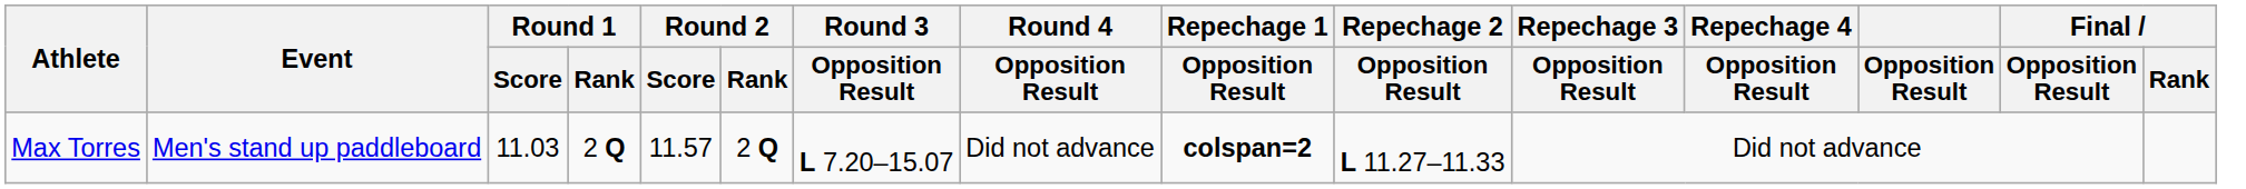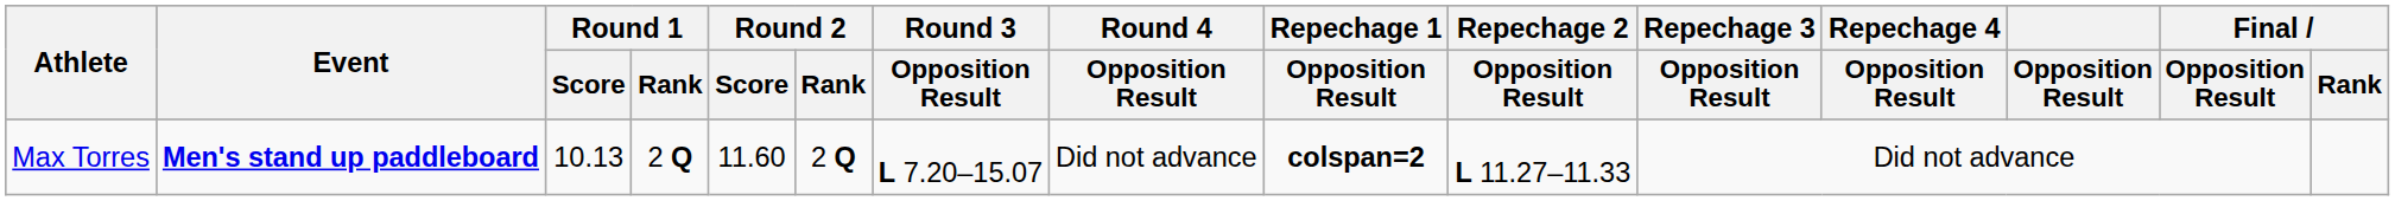 <table class=wikitable style=font-size:90%>
 <tr>
 <th rowspan=2>Athlete</th>
 <th rowspan=2>Event</th>
 <th colspan=2>Round 1</th>
 <th colspan=2>Round 2</th>
 <th>Round 3</th>
 <th>Round 4</th>
 <th>Repechage 1</th>
 <th>Repechage 2</th>
 <th>Repechage 3</th>
 <th>Repechage 4</th>
 <th></th>
 <th colspan=2>Final / </th>
 </tr>
 <tr style=font-size:95%>
 <th>Score</th>
 <th>Rank</th>
 <th>Score</th>
 <th>Rank</th>
 <th>Opposition<br>Result</th>
 <th>Opposition<br>Result</th>
 <th>Opposition<br>Result</th>
 <th>Opposition<br>Result</th>
 <th>Opposition<br>Result</th>
 <th>Opposition<br>Result</th>
 <th>Opposition<br>Result</th>
 <th>Opposition<br>Result</th>
 <th>Rank</th>
 </tr>
 <tr align=center>
 <td align=left><a href='#'>Max Torres</a></td>
-<td align=left><a href='#'>Men's stand up paddleboard</a></td>
-<td>11.03</td>
+<td align=left><strong><a href='#'>Men's stand up paddleboard</a></strong></td>
+<td>10.13</td>
 <td>2 <strong>Q</strong></td>
-<td>11.57</td>
+<td>11.60</td>
 <td>2 <strong>Q</strong></td>
 <td><br><strong>L</strong> 7.20–15.07</td>
 <td>Did not advance</td>
 <td><strong>colspan=2 </strong></td>
 <td><br><strong>L</strong> 11.27–11.33</td>
 <td colspan=4>Did not advance</td>
 </tr>
 </table>
